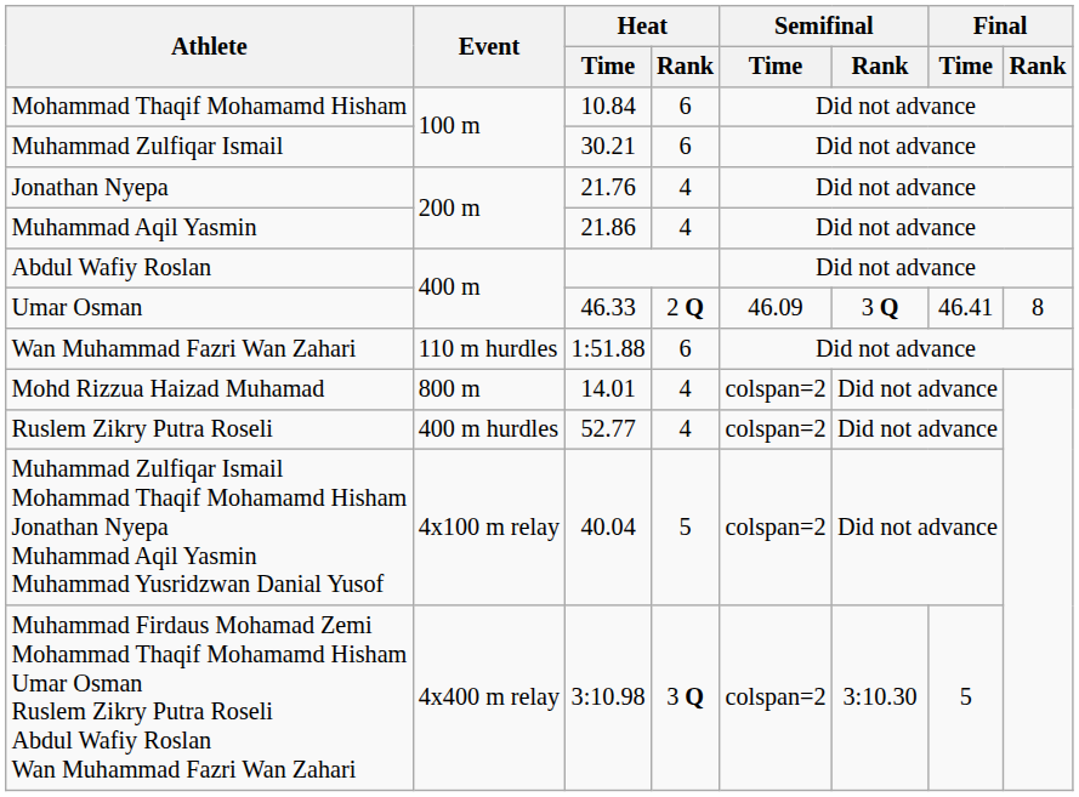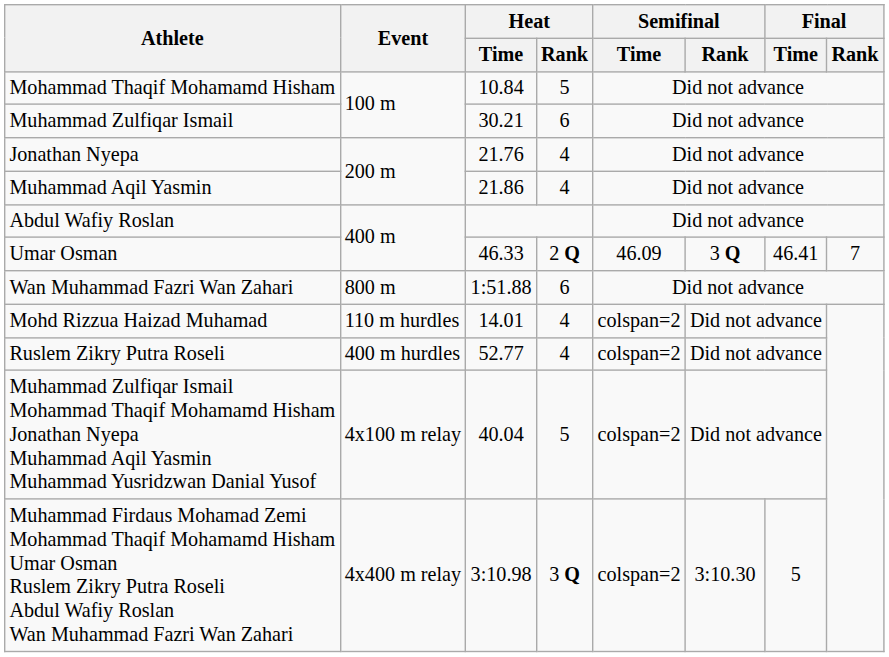 <table class="wikitable" style="font-size:90%">
 <tr>
 <th rowspan="2">Athlete</th>
 <th rowspan="2">Event</th>
 <th colspan="2">Heat</th>
 <th colspan="2">Semifinal</th>
 <th colspan="2">Final</th>
 </tr>
 <tr>
 <th>Time</th>
 <th>Rank</th>
 <th>Time</th>
 <th>Rank</th>
 <th>Time</th>
 <th>Rank</th>
 </tr>
 <tr align="center">
 <td align="left">Mohammad Thaqif Mohamamd Hisham</td>
 <td align="left" rowspan=2>100 m</td>
 <td>10.84</td>
-<td>6</td>
+<td>5</td>
 <td colspan="4">Did not advance</td>
 </tr>
 <tr align="center">
 <td align="left">Muhammad Zulfiqar Ismail</td>
 <td>30.21</td>
 <td>6</td>
 <td colspan="4">Did not advance</td>
 </tr>
 <tr align="center">
 <td align="left">Jonathan Nyepa</td>
 <td align="left" rowspan=2>200 m</td>
 <td>21.76</td>
 <td>4</td>
 <td colspan="4">Did not advance</td>
 </tr>
 <tr align="center">
 <td align="left">Muhammad Aqil Yasmin</td>
 <td>21.86</td>
 <td>4</td>
 <td colspan="4">Did not advance</td>
 </tr>
 <tr align="center">
 <td align="left">Abdul Wafiy Roslan</td>
 <td align="left" rowspan=2>400 m</td>
 <td colspan="2"></td>
 <td colspan="4">Did not advance</td>
 </tr>
 <tr align="center">
 <td align="left">Umar Osman</td>
 <td>46.33</td>
 <td>2 <strong>Q</strong></td>
 <td>46.09</td>
 <td>3 <strong>Q</strong></td>
 <td>46.41</td>
-<td>8</td>
+<td>7</td>
 </tr>
 <tr align="center">
 <td align="left">Wan Muhammad Fazri Wan Zahari</td>
-<td align="left">110 m hurdles</td>
+<td align="left">800 m</td>
 <td>1:51.88</td>
 <td>6</td>
 <td colspan="4">Did not advance</td>
 </tr>
 <tr align="center">
 <td align="left">Mohd Rizzua Haizad Muhamad</td>
-<td align="left">800 m</td>
+<td align="left">110 m hurdles</td>
 <td>14.01</td>
 <td>4</td>
 <td>colspan=2 </td>
 <td colspan="2">Did not advance</td>
 </tr>
 <tr align="center">
 <td align="left">Ruslem Zikry Putra Roseli</td>
 <td align="left">400 m hurdles</td>
 <td>52.77</td>
 <td>4</td>
 <td>colspan=2 </td>
 <td colspan="2">Did not advance</td>
 </tr>
 <tr align="center">
 <td align="left">Muhammad Zulfiqar Ismail<br>Mohammad Thaqif Mohamamd Hisham<br>Jonathan Nyepa<br>Muhammad Aqil Yasmin<br>Muhammad Yusridzwan Danial Yusof</td>
 <td align="left">4x100 m relay</td>
 <td>40.04</td>
 <td>5</td>
 <td>colspan=2 </td>
 <td colspan=2>Did not advance</td>
 </tr>
 <tr align="center">
 <td align="left">Muhammad Firdaus Mohamad Zemi<br>Mohammad Thaqif Mohamamd Hisham<br>Umar Osman<br>Ruslem Zikry Putra Roseli<br>Abdul Wafiy Roslan<br>Wan Muhammad Fazri Wan Zahari</td>
 <td align="left">4x400 m relay</td>
 <td>3:10.98</td>
 <td>3 <strong>Q</strong></td>
 <td>colspan=2 </td>
 <td>3:10.30</td>
 <td>5</td>
 </tr>
 </table>
